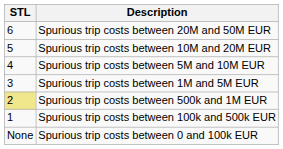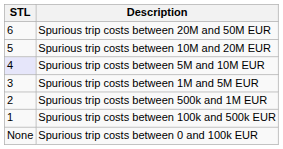 <table class="wikitable">
 <tr>
 <th>STL</th>
 <th>Description</th>
 </tr>
 <tr>
 <td>6</td>
 <td>Spurious trip costs between 20M and 50M EUR</td>
 </tr>
 <tr>
 <td>5</td>
 <td>Spurious trip costs between 10M and 20M EUR</td>
 </tr>
 <tr>
-<td>4</td>
+<td style="background: lavender;">4</td>
 <td>Spurious trip costs between 5M and 10M EUR</td>
 </tr>
 <tr>
 <td>3</td>
 <td>Spurious trip costs between 1M and 5M EUR</td>
 </tr>
 <tr>
-<td style="background: khaki;">2</td>
+<td>2</td>
 <td>Spurious trip costs between 500k and 1M EUR</td>
 </tr>
 <tr>
 <td>1</td>
 <td>Spurious trip costs between 100k and 500k EUR</td>
 </tr>
 <tr>
 <td>None</td>
 <td>Spurious trip costs between 0 and 100k EUR</td>
 </tr>
 </table>
